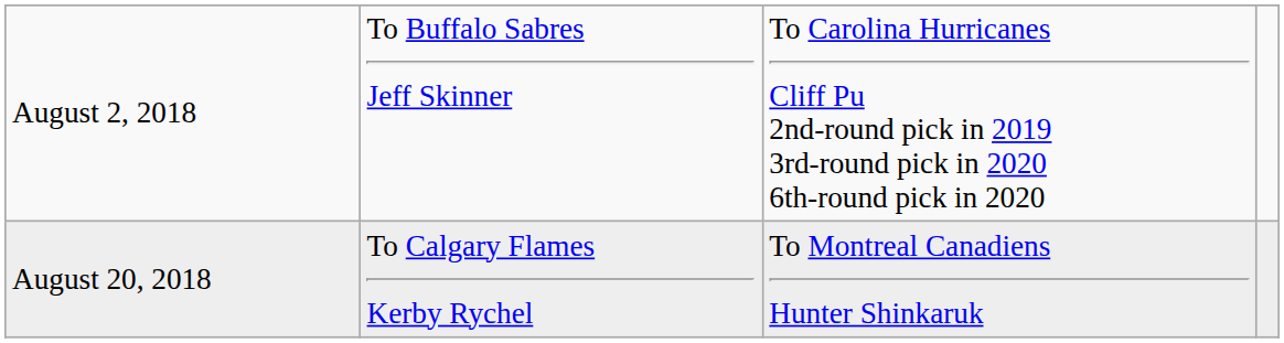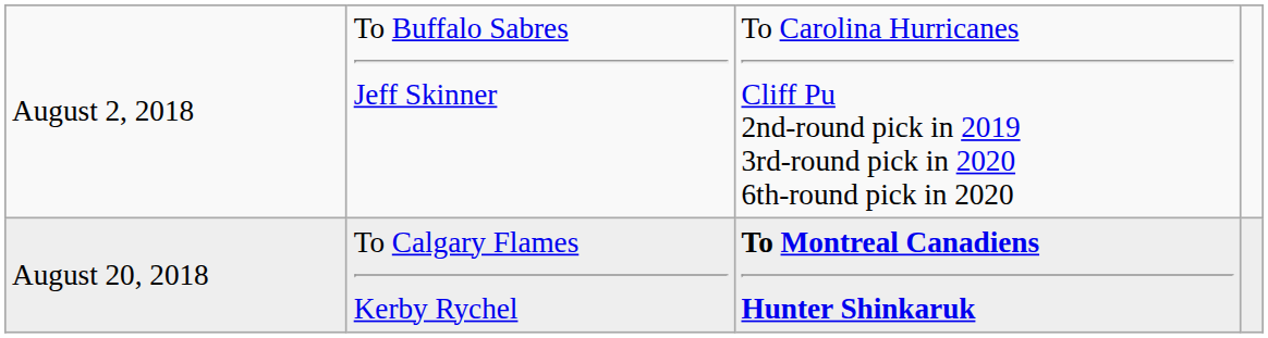 <table class="wikitable" style="border:1px solid #999999; width:680px;">
 <tr>
 <td>August 2, 2018</td>
 <td valign="top">To <a href='#'>Buffalo Sabres</a><hr><a href='#'>Jeff Skinner</a></td>
 <td valign="top">To <a href='#'>Carolina Hurricanes</a><hr><a href='#'>Cliff Pu</a><br>2nd-round pick in <a href='#'>2019</a><br>3rd-round pick in <a href='#'>2020</a><br>6th-round pick in 2020</td>
 <td></td>
 </tr>
 <tr bgcolor="eeeeee">
 <td>August 20, 2018</td>
 <td valign="top">To <a href='#'>Calgary Flames</a><hr><a href='#'>Kerby Rychel</a></td>
-<td valign="top">To <a href='#'>Montreal Canadiens</a><hr><a href='#'>Hunter Shinkaruk</a></td>
+<td valign="top"><strong>To <a href='#'>Montreal Canadiens</a><hr><a href='#'>Hunter Shinkaruk</a></strong></td>
 <td></td>
 </tr>
 </table>
